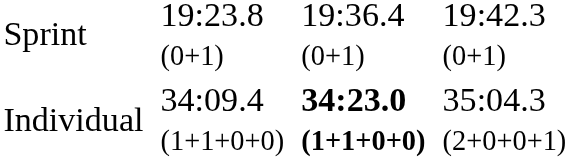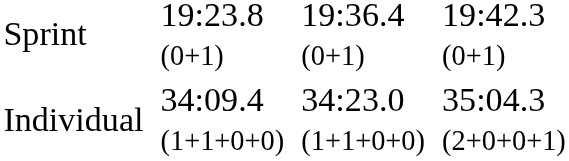 <table>
 <tr>
 <td>Sprint<br></td>
 <td></td>
 <td>19:23.8<br><small>(0+1)</small></td>
 <td></td>
 <td>19:36.4<br><small>(0+1)</small></td>
 <td></td>
 <td>19:42.3<br><small>(0+1)</small></td>
 </tr>
 <tr>
 <td>Individual<br></td>
 <td></td>
 <td>34:09.4<br><small>(1+1+0+0)</small></td>
 <td></td>
-<td><strong>34:23.0<br><small>(1+1+0+0)</small></strong></td>
+<td>34:23.0<br><small>(1+1+0+0)</small></td>
 <td></td>
 <td>35:04.3<br><small>(2+0+0+1)</small></td>
 </tr>
 </table>
